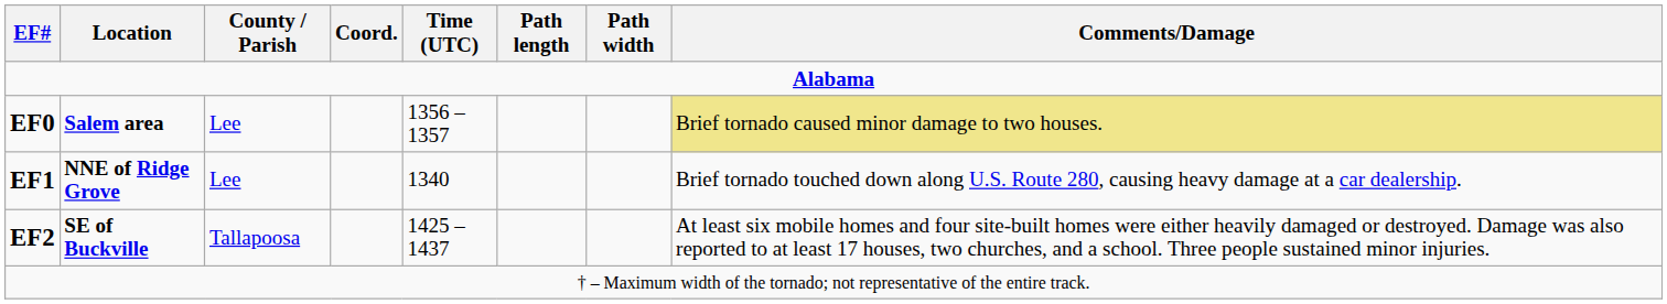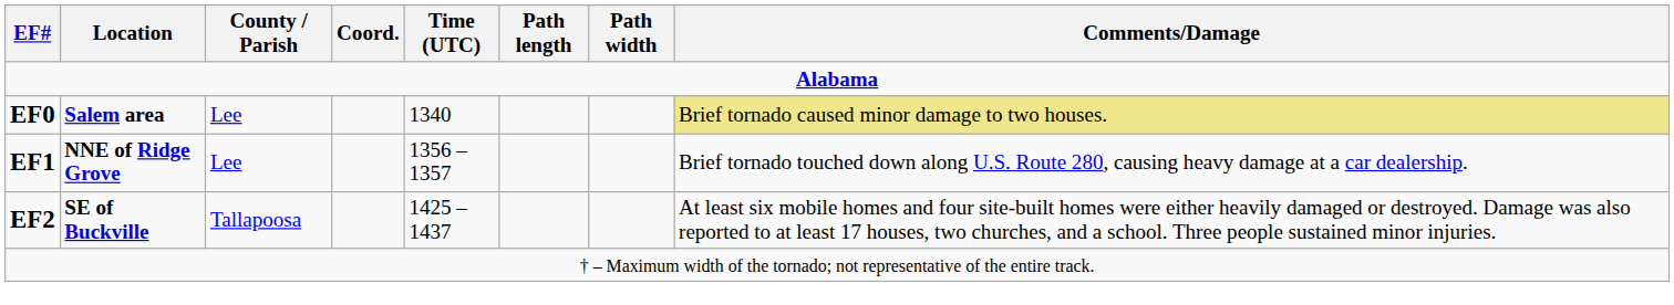 <table class="wikitable collapsible" width="100%">
 <tr>
 <th scope="col"><a href='#'>EF#</a></th>
 <th scope="col">Location</th>
 <th>County / Parish</th>
 <th scope="col">Coord.</th>
 <th scope="col">Time (UTC)</th>
 <th scope="col">Path length</th>
 <th scope="col">Path width</th>
 <th scope="col">Comments/Damage</th>
 </tr>
 <tr>
 <td colspan="8" align=center><strong><a href='#'>Alabama</a></strong></td>
 </tr>
 <tr>
 <td><big><strong>EF0</strong></big></td>
 <td><strong><a href='#'>Salem</a> area</strong></td>
 <td><a href='#'>Lee</a></td>
 <td></td>
-<td>1356 – 1357</td>
+<td>1340</td>
 <td></td>
 <td></td>
 <td style="background: khaki;">Brief tornado caused minor damage to two houses.</td>
 </tr>
 <tr>
 <td><big><strong>EF1</strong></big></td>
 <td><strong>NNE of <a href='#'>Ridge Grove</a></strong></td>
 <td><a href='#'>Lee</a></td>
 <td></td>
-<td>1340</td>
+<td>1356 – 1357</td>
 <td></td>
 <td></td>
 <td>Brief tornado touched down along <a href='#'>U.S. Route 280</a>, causing heavy damage at a <a href='#'>car dealership</a>.</td>
 </tr>
 <tr>
 <td><big><strong>EF2</strong></big></td>
 <td><strong>SE of <a href='#'>Buckville</a></strong></td>
 <td><a href='#'>Tallapoosa</a></td>
 <td></td>
 <td>1425 – 1437</td>
 <td></td>
 <td></td>
 <td>At least six mobile homes and four site-built homes were either heavily damaged or destroyed. Damage was also reported to at least 17 houses, two churches, and a school. Three people sustained minor injuries.</td>
 </tr>
 <tr>
 <td colspan="8" style="text-align:center;"><small>† – Maximum width of the tornado; not representative of the entire track.</small></td>
 </tr>
 </table>
